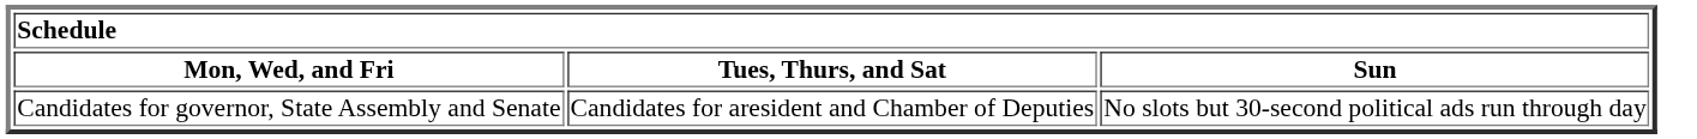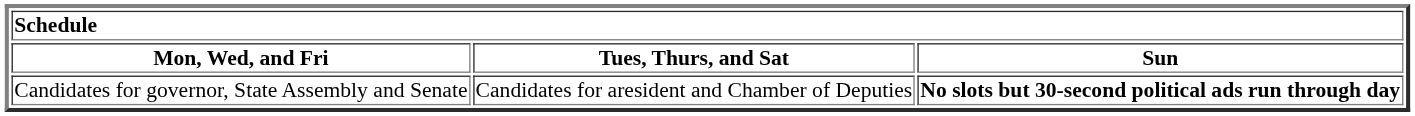 <table border="3" style="margin-left: 3em;">
 <tr>
 <td colspan="3"><div><strong>Schedule</strong></div></td>
 </tr>
 <tr>
 <th scope="col">Mon, Wed, and Fri</th>
 <th scope="col">Tues, Thurs, and Sat</th>
 <th scope="col">Sun</th>
 </tr>
 <tr>
 <td>Candidates for governor, State Assembly and Senate</td>
 <td>Candidates for aresident and Chamber of Deputies</td>
-<td>No slots but 30-second political ads run through day</td>
+<td><strong>No slots but 30-second political ads run through day</strong></td>
 </tr>
 </table>
